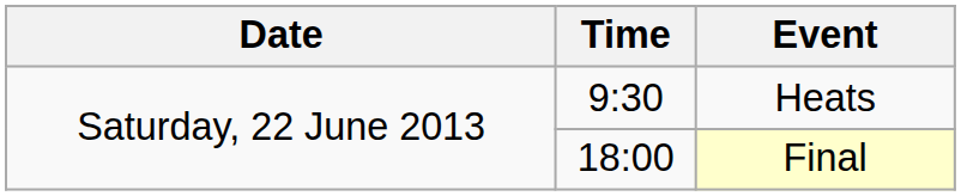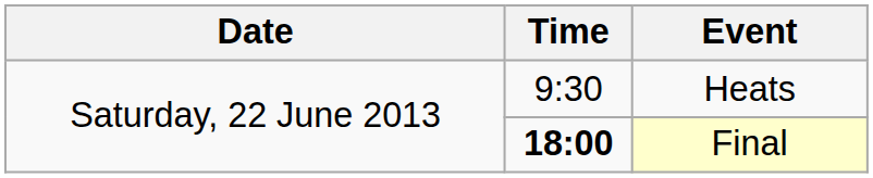 <table class = "wikitable" style="text-align:center;">
 <tr>
 <th width=220>Date</th>
 <th width=50>Time</th>
 <th width=100>Event</th>
 </tr>
 <tr>
 <td rowspan=2>Saturday, 22 June 2013</td>
 <td>9:30</td>
 <td>Heats</td>
 </tr>
 <tr>
-<td>18:00</td>
+<td><strong>18:00</strong></td>
 <td bgcolor=ffffcc>Final</td>
 </tr>
 </table>
